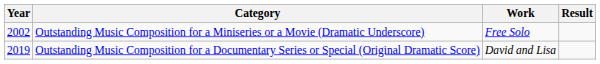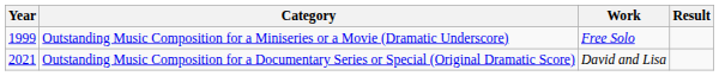 <table class="wikitable sortable">
 <tr>
 <th>Year</th>
 <th>Category</th>
 <th>Work</th>
 <th>Result</th>
 </tr>
 <tr>
-<td><a href='#'>2002</a></td>
+<td><a href='#'>1999</a></td>
 <td><a href='#'>Outstanding Music Composition for a Miniseries or a Movie (Dramatic Underscore)</a></td>
 <td><em><a href='#'>Free Solo</a></em></td>
 <td></td>
 </tr>
 <tr>
-<td><a href='#'>2019</a></td>
+<td><a href='#'>2021</a></td>
 <td><a href='#'>Outstanding Music Composition for a Documentary Series or Special (Original Dramatic Score)</a></td>
 <td><em>David and Lisa</em></td>
 <td></td>
 </tr>
 </table>
